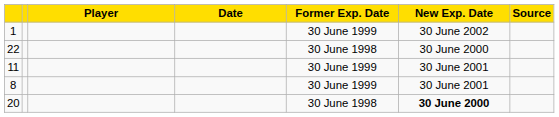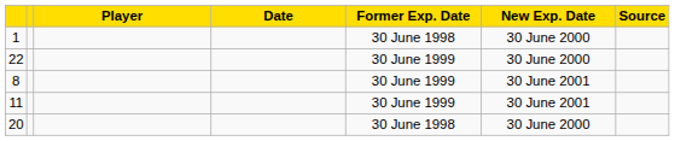 <table class="wikitable sortable">
 <tr>
 <th style="background:#FFDE00"></th>
 <th style="background:#FFDE00"></th>
 <th width=200 style="background:#FFDE00">Player</th>
 <th width=150 style="background:#FFDE00">Date</th>
 <th width=150 style="background:#FFDE00">Former Exp. Date</th>
 <th width=150 style="background:#FFDE00">New Exp. Date</th>
 <th style="background:#FFDE00">Source</th>
 </tr>
 <tr>
 <td align=center>1</td>
 <td align=center></td>
 <td></td>
 <td align=center></td>
-<td align=center>30 June 1999</td>
-<td align=center>30 June 2002</td>
+<td align=center>30 June 1998</td>
+<td align=center>30 June 2000</td>
 <td align=center></td>
 </tr>
 <tr>
 <td align=center>22</td>
 <td align=center></td>
 <td></td>
 <td align=center></td>
-<td align=center>30 June 1998</td>
+<td align=center>30 June 1999</td>
 <td align=center>30 June 2000</td>
 <td align=center></td>
 </tr>
 <tr>
-<td align=center>11</td>
+<td align=center>8</td>
 <td align=center></td>
 <td></td>
 <td align=center></td>
 <td align=center>30 June 1999</td>
 <td align=center>30 June 2001</td>
 <td align=center></td>
 </tr>
 <tr>
-<td align=center>8</td>
+<td align=center>11</td>
 <td align=center></td>
 <td></td>
 <td align=center></td>
 <td align=center>30 June 1999</td>
 <td align=center>30 June 2001</td>
 <td align=center></td>
 </tr>
 <tr>
 <td align=center>20</td>
 <td align=center></td>
 <td></td>
 <td align=center></td>
 <td align=center>30 June 1998</td>
-<td align=center><strong>30 June 2000</strong></td>
+<td align=center>30 June 2000</td>
 <td align=center></td>
 </tr>
 </table>
